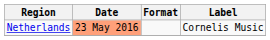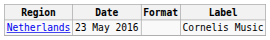 <table class=wikitable>
 <tr>
 <th>Region</th>
 <th>Date</th>
 <th>Format</th>
 <th>Label</th>
 </tr>
 <tr>
 <td><a href='#'>Netherlands</a></td>
-<td style="background: lightsalmon;">23 May 2016</td>
+<td>23 May 2016</td>
 <td></td>
 <td>Cornelis Music</td>
 </tr>
 <tr>
 </tr>
 </table>
